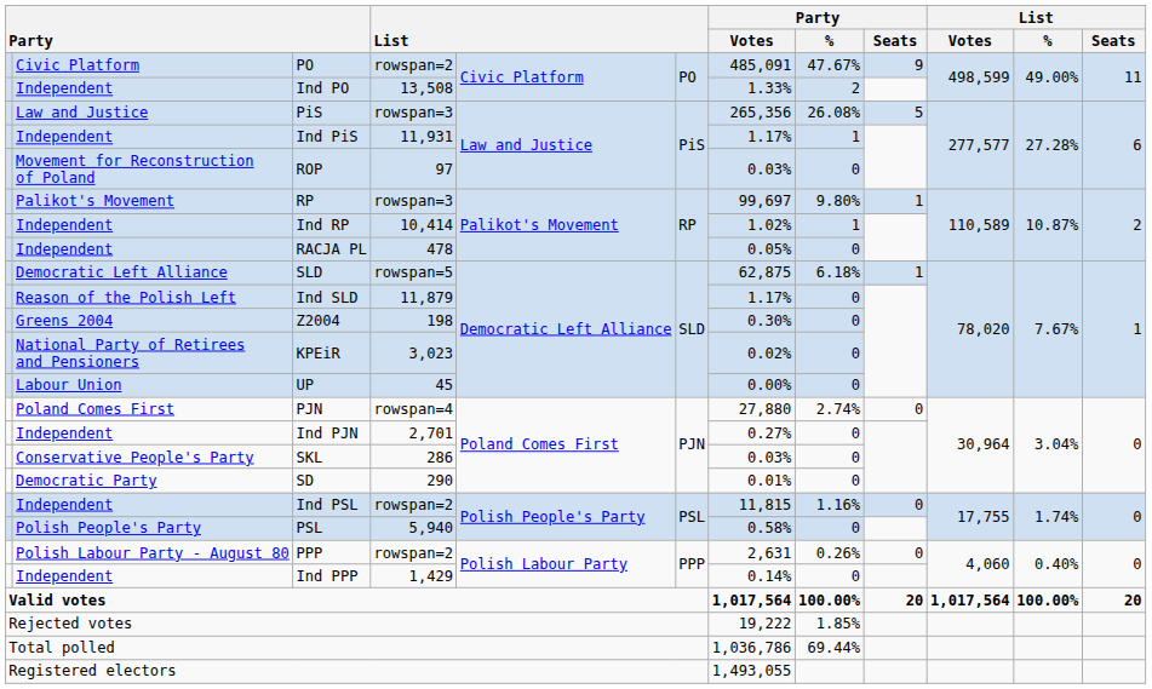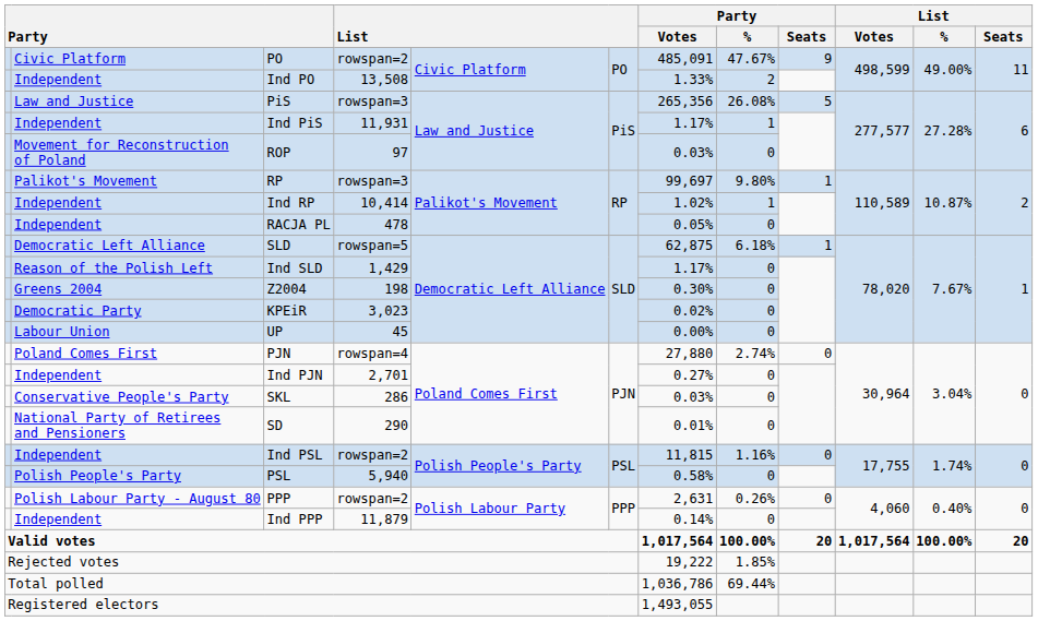 <table class="wikitable" border="1" style="text-align:right;">
 <tr>
 <th style="text-align:left;" valign=bottom rowspan=2 colspan=3>Party</th>
 <th style="text-align:left;" valign=bottom rowspan=2 colspan=3>List</th>
 <th colspan=3>Party</th>
 <th colspan=3>List</th>
 </tr>
 <tr>
 <th align=center valign=bottom width="50">Votes</th>
 <th align=center valign=bottom width="50">%</th>
 <th align=center valign=bottom width="50">Seats</th>
 <th align=center valign=bottom width="50">Votes</th>
 <th align=center valign=bottom width="50">%</th>
 <th align=center valign=bottom width="50">Seats</th>
 </tr>
 <tr style="background:#CEE0F2;">
 <td></td>
 <td align=left><a href='#'>Civic Platform</a></td>
 <td align=left>PO</td>
 <td>rowspan=2 </td>
 <td rowspan=2 align=left><a href='#'>Civic Platform</a></td>
 <td rowspan=2 align=left>PO</td>
 <td>485,091</td>
 <td>47.67%</td>
 <td>9</td>
 <td rowspan=2>498,599</td>
 <td rowspan=2>49.00%</td>
 <td rowspan=2>11</td>
 </tr>
 <tr style="background:#CEE0F2;">
 <td></td>
 <td align=left><a href='#'>Independent</a></td>
 <td align=left>Ind PO</td>
 <td>13,508</td>
 <td>1.33%</td>
 <td>2</td>
 </tr>
 <tr style="background:#CEE0F2;">
 <td></td>
 <td align=left><a href='#'>Law and Justice</a></td>
 <td align=left>PiS</td>
 <td>rowspan=3 </td>
 <td rowspan=3 align=left><a href='#'>Law and Justice</a></td>
 <td rowspan=3 align=left>PiS</td>
 <td>265,356</td>
 <td>26.08%</td>
 <td>5</td>
 <td rowspan=3>277,577</td>
 <td rowspan=3>27.28%</td>
 <td rowspan=3>6</td>
 </tr>
 <tr style="background:#CEE0F2;">
 <td></td>
 <td align=left><a href='#'>Independent</a></td>
 <td align=left>Ind PiS</td>
 <td>11,931</td>
 <td>1.17%</td>
 <td>1</td>
 </tr>
 <tr style="background:#CEE0F2;">
 <td></td>
 <td align=left><a href='#'>Movement for Reconstruction<br>of Poland</a></td>
 <td align=left>ROP</td>
 <td>97</td>
 <td>0.03%</td>
 <td>0</td>
 </tr>
 <tr style="background:#CEE0F2;">
 <td></td>
 <td align=left><a href='#'>Palikot's Movement</a></td>
 <td align=left>RP</td>
 <td>rowspan=3 </td>
 <td rowspan=3 align=left><a href='#'>Palikot's Movement</a></td>
 <td rowspan=3 align=left>RP</td>
 <td>99,697</td>
 <td>9.80%</td>
 <td>1</td>
 <td rowspan=3>110,589</td>
 <td rowspan=3>10.87%</td>
 <td rowspan=3>2</td>
 </tr>
 <tr style="background:#CEE0F2;">
 <td></td>
 <td align=left><a href='#'>Independent</a></td>
 <td align=left>Ind RP</td>
 <td>10,414</td>
 <td>1.02%</td>
 <td>1</td>
 </tr>
 <tr style="background:#CEE0F2;">
 <td></td>
 <td align=left><a href='#'>Independent</a></td>
 <td align=left>RACJA PL</td>
 <td>478</td>
 <td>0.05%</td>
 <td>0</td>
 </tr>
 <tr style="background:#CEE0F2;">
 <td></td>
 <td align=left style="white-space: nowrap;"><a href='#'>Democratic Left Alliance</a></td>
 <td align=left>SLD</td>
 <td>rowspan=5 </td>
 <td rowspan=5 align=left><a href='#'>Democratic Left Alliance</a></td>
 <td rowspan=5 align=left>SLD</td>
 <td>62,875</td>
 <td>6.18%</td>
 <td>1</td>
 <td rowspan=5>78,020</td>
 <td rowspan=5>7.67%</td>
 <td rowspan=5>1</td>
 </tr>
 <tr style="background:#CEE0F2;">
 <td></td>
 <td align=left><a href='#'>Reason of the Polish Left</a></td>
 <td align=left>Ind SLD</td>
-<td>11,879</td>
+<td>1,429</td>
 <td>1.17%</td>
 <td>0</td>
 </tr>
 <tr style="background:#CEE0F2;">
 <td></td>
 <td align=left><a href='#'>Greens 2004</a></td>
 <td align=left>Z2004</td>
 <td>198</td>
 <td>0.30%</td>
 <td>0</td>
 </tr>
 <tr style="background:#CEE0F2;">
 <td></td>
-<td align=left><a href='#'>National Party of Retirees<br>and Pensioners</a></td>
+<td align=left><a href='#'>Democratic Party</a></td>
 <td align=left>KPEiR</td>
 <td>3,023</td>
 <td>0.02%</td>
 <td>0</td>
 </tr>
 <tr style="background:#CEE0F2;">
 <td></td>
 <td align=left><a href='#'>Labour Union</a></td>
 <td align=left>UP</td>
 <td>45</td>
 <td>0.00%</td>
 <td>0</td>
 </tr>
 <tr>
 <td></td>
 <td align=left><a href='#'>Poland Comes First</a></td>
 <td align=left>PJN</td>
 <td>rowspan=4 </td>
 <td rowspan=4 align=left><a href='#'>Poland Comes First</a></td>
 <td rowspan=4 align=left>PJN</td>
 <td>27,880</td>
 <td>2.74%</td>
 <td>0</td>
 <td rowspan=4>30,964</td>
 <td rowspan=4>3.04%</td>
 <td rowspan=4>0</td>
 </tr>
 <tr>
 <td></td>
 <td align=left><a href='#'>Independent</a></td>
 <td align=left>Ind PJN</td>
 <td>2,701</td>
 <td>0.27%</td>
 <td>0</td>
 </tr>
 <tr>
 <td></td>
 <td align=left><a href='#'>Conservative People's Party</a></td>
 <td align=left>SKL</td>
 <td>286</td>
 <td>0.03%</td>
 <td>0</td>
 </tr>
 <tr>
 <td></td>
-<td align=left><a href='#'>Democratic Party</a></td>
+<td align=left><a href='#'>National Party of Retirees<br>and Pensioners</a></td>
 <td align=left>SD</td>
 <td>290</td>
 <td>0.01%</td>
 <td>0</td>
 </tr>
 <tr style="background:#CEE0F2;">
 <td></td>
 <td align=left><a href='#'>Independent</a></td>
 <td align=left>Ind PSL</td>
 <td>rowspan=2 </td>
 <td rowspan=2 align=left><a href='#'>Polish People's Party</a></td>
 <td rowspan=2 align=left>PSL</td>
 <td>11,815</td>
 <td>1.16%</td>
 <td>0</td>
 <td rowspan=2>17,755</td>
 <td rowspan=2>1.74%</td>
 <td rowspan=2>0</td>
 </tr>
 <tr style="background:#CEE0F2;">
 <td></td>
 <td align=left><a href='#'>Polish People's Party</a></td>
 <td align=left>PSL</td>
 <td>5,940</td>
 <td>0.58%</td>
 <td>0</td>
 </tr>
 <tr>
 <td></td>
 <td align=left><a href='#'>Polish Labour Party - August 80</a></td>
 <td align=left>PPP</td>
 <td>rowspan=2 </td>
 <td rowspan=2 align=left><a href='#'>Polish Labour Party</a></td>
 <td rowspan=2 align=left>PPP</td>
 <td>2,631</td>
 <td>0.26%</td>
 <td>0</td>
 <td rowspan=2>4,060</td>
 <td rowspan=2>0.40%</td>
 <td rowspan=2>0</td>
 </tr>
 <tr>
 <td></td>
 <td align=left><a href='#'>Independent</a></td>
 <td align=left>Ind PPP</td>
-<td>1,429</td>
+<td>11,879</td>
 <td>0.14%</td>
 <td>0</td>
 </tr>
 <tr style="font-weight:bold">
 <td align=left colspan=6>Valid votes</td>
 <td>1,017,564</td>
 <td>100.00%</td>
 <td>20</td>
 <td>1,017,564</td>
 <td>100.00%</td>
 <td>20</td>
 </tr>
 <tr>
 <td align=left colspan=6>Rejected votes</td>
 <td>19,222</td>
 <td>1.85%</td>
 <td></td>
 <td></td>
 <td></td>
 <td></td>
 </tr>
 <tr>
 <td align=left colspan=6>Total polled</td>
 <td>1,036,786</td>
 <td>69.44%</td>
 <td></td>
 <td></td>
 <td></td>
 <td></td>
 </tr>
 <tr>
 <td align=left colspan=6>Registered electors</td>
 <td>1,493,055</td>
 <td></td>
 <td></td>
 <td></td>
 <td></td>
 <td></td>
 </tr>
 </table>
